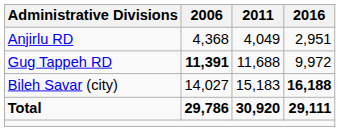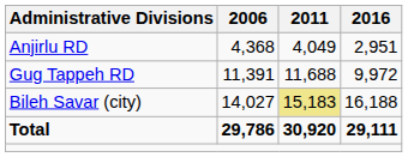 <table class="wikitable">
 <tr>
 <th>Administrative Divisions</th>
 <th>2006</th>
 <th>2011</th>
 <th>2016</th>
 </tr>
 <tr>
 <td><a href='#'>Anjirlu RD</a></td>
 <td style="text-align: right;">4,368</td>
 <td style="text-align: right;">4,049</td>
 <td style="text-align: right;">2,951</td>
 </tr>
 <tr>
 <td><a href='#'>Gug Tappeh RD</a></td>
-<td style="text-align: right;"><strong>11,391</strong></td>
+<td style="text-align: right;">11,391</td>
 <td style="text-align: right;">11,688</td>
 <td style="text-align: right;">9,972</td>
 </tr>
 <tr>
 <td><a href='#'>Bileh Savar</a> (city)</td>
 <td style="text-align: right;">14,027</td>
-<td style="text-align: right;">15,183</td>
-<td style="text-align: right;"><strong>16,188</strong></td>
+<td style="background: khaki; text-align: right;">15,183</td>
+<td style="text-align: right;">16,188</td>
 </tr>
 <tr>
 <td><strong>Total</strong></td>
 <td style="text-align: right;"><strong>29,786</strong></td>
 <td style="text-align: right;"><strong>30,920</strong></td>
 <td style="text-align: right;"><strong>29,111</strong></td>
 </tr>
 <tr>
 <td colspan=4></td>
 </tr>
 </table>
